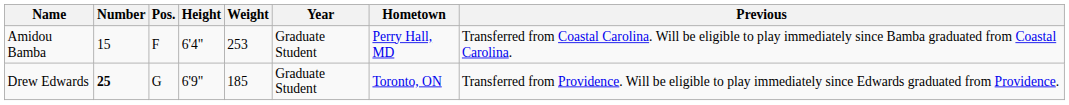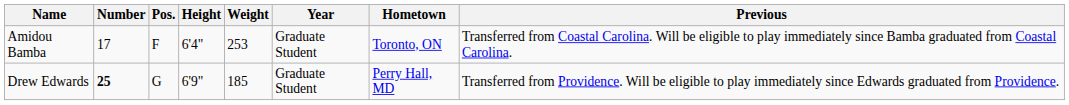 <table class="wikitable sortable" border="1">
 <tr>
 <th>Name</th>
 <th>Number</th>
 <th>Pos.</th>
 <th>Height</th>
 <th>Weight</th>
 <th>Year</th>
 <th>Hometown</th>
 <th>Previous</th>
 </tr>
 <tr>
 <td>Amidou Bamba</td>
-<td>15</td>
+<td>17</td>
 <td>F</td>
 <td>6'4"</td>
 <td>253</td>
 <td>Graduate Student</td>
-<td><a href='#'>Perry Hall, MD</a></td>
+<td><a href='#'>Toronto, ON</a></td>
 <td>Transferred from <a href='#'>Coastal Carolina</a>. Will be eligible to play immediately since Bamba graduated from <a href='#'>Coastal Carolina</a>.</td>
 </tr>
 <tr>
 <td>Drew Edwards</td>
 <td><strong>25</strong></td>
 <td>G</td>
 <td>6'9"</td>
 <td>185</td>
 <td>Graduate Student</td>
-<td><a href='#'>Toronto, ON</a></td>
+<td><a href='#'>Perry Hall, MD</a></td>
 <td>Transferred from <a href='#'>Providence</a>. Will be eligible to play immediately since Edwards graduated from <a href='#'>Providence</a>.</td>
 </tr>
 </table>
